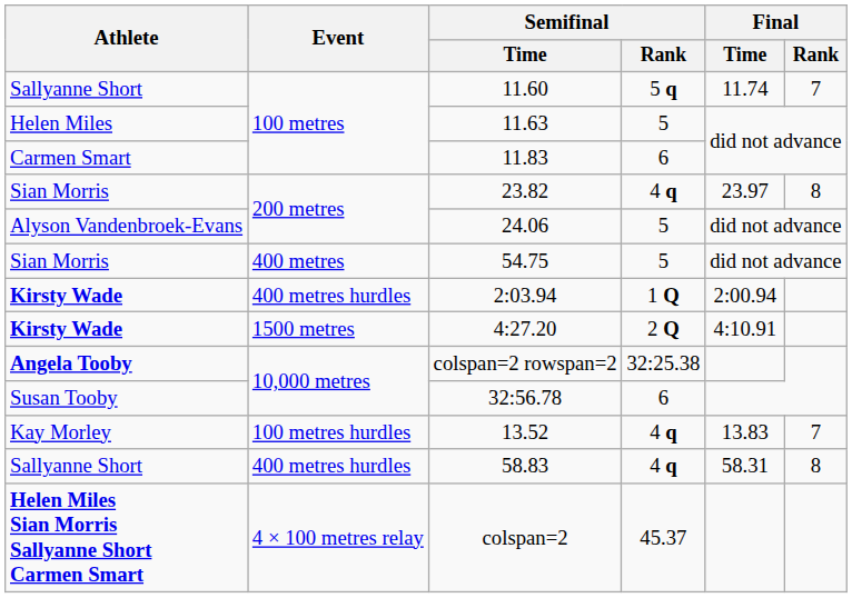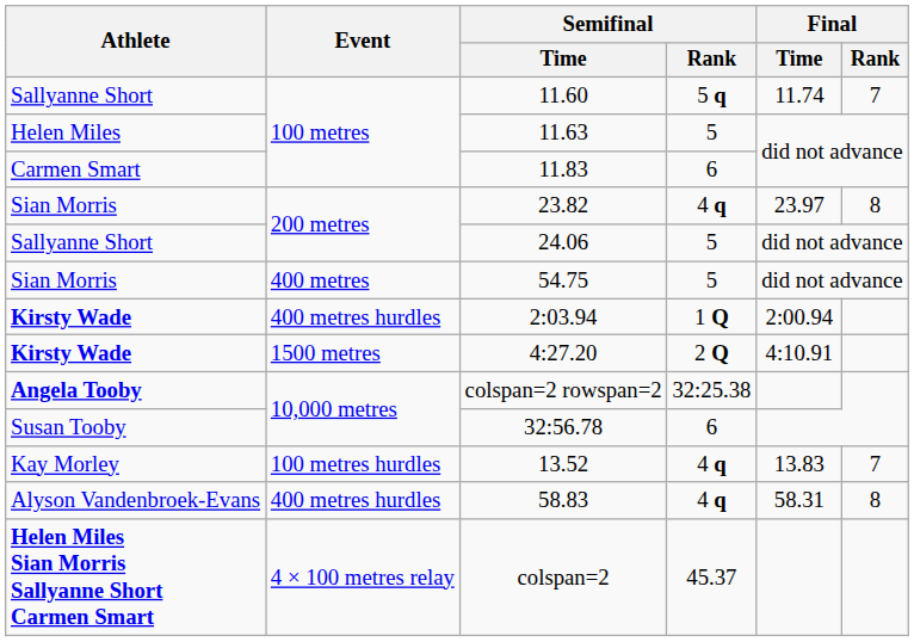 <table class="wikitable" style="font-size:90%">
 <tr>
 <th rowspan="2">Athlete</th>
 <th rowspan="2">Event</th>
 <th colspan="2">Semifinal</th>
 <th colspan="2">Final</th>
 </tr>
 <tr style="font-size:95%">
 <th>Time</th>
 <th>Rank</th>
 <th>Time</th>
 <th>Rank</th>
 </tr>
 <tr align=center>
 <td align=left><a href='#'>Sallyanne Short</a></td>
 <td align=left rowspan=3><a href='#'>100 metres</a></td>
 <td>11.60</td>
 <td>5 <strong>q</strong></td>
 <td>11.74</td>
 <td>7</td>
 </tr>
 <tr align=center>
 <td align=left><a href='#'>Helen Miles</a></td>
 <td>11.63</td>
 <td>5</td>
 <td colspan=2 rowspan=2>did not advance</td>
 </tr>
 <tr align=center>
 <td align=left><a href='#'>Carmen Smart</a></td>
 <td>11.83</td>
 <td>6</td>
 </tr>
 <tr align=center>
 <td align=left><a href='#'>Sian Morris</a></td>
 <td align=left rowspan=2><a href='#'>200 metres</a></td>
 <td>23.82</td>
 <td>4 <strong>q</strong></td>
 <td>23.97</td>
 <td>8</td>
 </tr>
 <tr align=center>
-<td align=left><a href='#'>Alyson Vandenbroek-Evans</a></td>
+<td align=left><a href='#'>Sallyanne Short</a></td>
 <td>24.06</td>
 <td>5</td>
 <td colspan=2>did not advance</td>
 </tr>
 <tr align=center>
 <td align=left><a href='#'>Sian Morris</a></td>
 <td align=left><a href='#'>400 metres</a></td>
 <td>54.75</td>
 <td>5</td>
 <td colspan=2>did not advance</td>
 </tr>
 <tr align=center>
 <td align=left><strong><a href='#'>Kirsty Wade</a></strong></td>
 <td align=left><a href='#'>400 metres hurdles</a></td>
 <td>2:03.94</td>
 <td>1 <strong>Q</strong></td>
 <td>2:00.94</td>
 <td></td>
 </tr>
 <tr align=center>
 <td align=left><strong><a href='#'>Kirsty Wade</a></strong></td>
 <td align=left><a href='#'>1500 metres</a></td>
 <td>4:27.20</td>
 <td>2 <strong>Q</strong></td>
 <td>4:10.91</td>
 <td></td>
 </tr>
 <tr align=center>
 <td align=left><strong><a href='#'>Angela Tooby</a></strong></td>
 <td align=left rowspan=2><a href='#'>10,000 metres</a></td>
 <td>colspan=2 rowspan=2 </td>
 <td>32:25.38</td>
 <td></td>
 </tr>
 <tr align=center>
 <td align=left><a href='#'>Susan Tooby</a></td>
 <td>32:56.78</td>
 <td>6</td>
 </tr>
 <tr align=center>
 <td align=left><a href='#'>Kay Morley</a></td>
 <td align=left><a href='#'>100 metres hurdles</a></td>
 <td>13.52</td>
 <td>4 <strong>q</strong></td>
 <td>13.83</td>
 <td>7</td>
 </tr>
 <tr align=center>
-<td align=left><a href='#'>Sallyanne Short</a></td>
+<td align=left><a href='#'>Alyson Vandenbroek-Evans</a></td>
 <td align=left><a href='#'>400 metres hurdles</a></td>
 <td>58.83</td>
 <td>4 <strong>q</strong></td>
 <td>58.31</td>
 <td>8</td>
 </tr>
 <tr align=center>
 <td align=left><strong><a href='#'>Helen Miles</a></strong><br><strong><a href='#'>Sian Morris</a></strong><br><strong><a href='#'>Sallyanne Short</a></strong><br><strong><a href='#'>Carmen Smart</a></strong></td>
 <td align=left><a href='#'>4 × 100 metres relay</a></td>
 <td>colspan=2 </td>
 <td>45.37</td>
 <td></td>
 </tr>
 </table>
